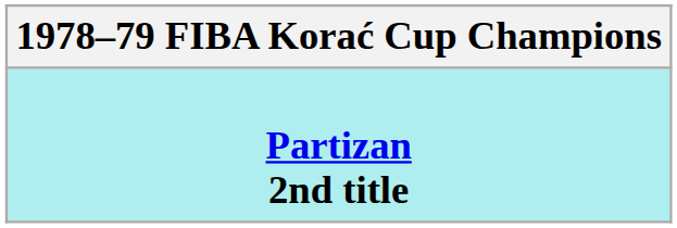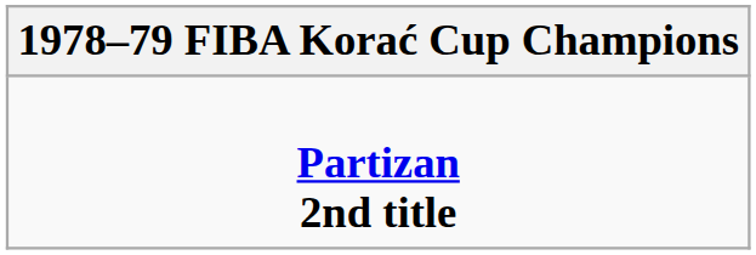 <table class=wikitable style="text-align:center; margin:auto">
 <tr>
 <th>1978–79 FIBA Korać Cup Champions</th>
 </tr>
 <tr>
-<td style="background: paleturquoise;"><br> <strong><a href='#'>Partizan</a></strong> <br> <strong>2nd title</strong></td>
+<td><br> <strong><a href='#'>Partizan</a></strong> <br> <strong>2nd title</strong></td>
 </tr>
 </table>
